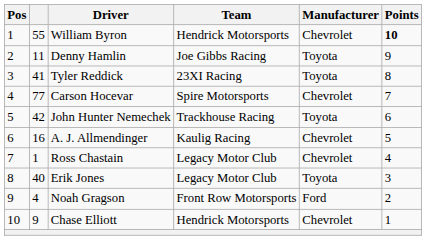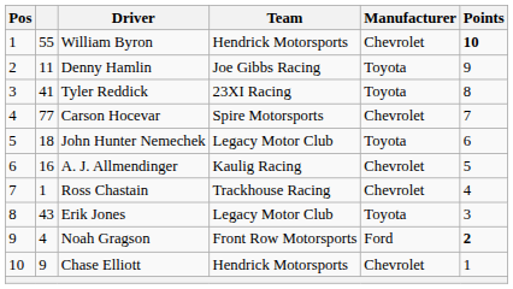 <table class="wikitable" style="font-size:98%">
 <tr>
 <th>Pos</th>
 <th></th>
 <th>Driver</th>
 <th>Team</th>
 <th>Manufacturer</th>
 <th>Points</th>
 </tr>
 <tr>
 <td>1</td>
 <td>55</td>
 <td>William Byron</td>
 <td>Hendrick Motorsports</td>
 <td>Chevrolet</td>
 <td><strong>10</strong></td>
 </tr>
 <tr>
 <td>2</td>
 <td>11</td>
 <td>Denny Hamlin</td>
 <td>Joe Gibbs Racing</td>
 <td>Toyota</td>
 <td>9</td>
 </tr>
 <tr>
 <td>3</td>
 <td>41</td>
 <td>Tyler Reddick</td>
 <td>23XI Racing</td>
 <td>Toyota</td>
 <td>8</td>
 </tr>
 <tr>
 <td>4</td>
 <td>77</td>
 <td>Carson Hocevar</td>
 <td>Spire Motorsports</td>
 <td>Chevrolet</td>
 <td>7</td>
 </tr>
 <tr>
 <td>5</td>
-<td>42</td>
+<td>18</td>
 <td>John Hunter Nemechek</td>
-<td>Trackhouse Racing</td>
+<td>Legacy Motor Club</td>
 <td>Toyota</td>
 <td>6</td>
 </tr>
 <tr>
 <td>6</td>
 <td>16</td>
 <td>A. J. Allmendinger</td>
 <td>Kaulig Racing</td>
 <td>Chevrolet</td>
 <td>5</td>
 </tr>
 <tr>
 <td>7</td>
 <td>1</td>
 <td>Ross Chastain</td>
-<td>Legacy Motor Club</td>
+<td>Trackhouse Racing</td>
 <td>Chevrolet</td>
 <td>4</td>
 </tr>
 <tr>
 <td>8</td>
-<td>40</td>
+<td>43</td>
 <td>Erik Jones</td>
 <td>Legacy Motor Club</td>
 <td>Toyota</td>
 <td>3</td>
 </tr>
 <tr>
 <td>9</td>
 <td>4</td>
 <td>Noah Gragson</td>
 <td>Front Row Motorsports</td>
 <td>Ford</td>
-<td>2</td>
+<td><strong>2</strong></td>
 </tr>
 <tr>
 <td>10</td>
 <td>9</td>
 <td>Chase Elliott</td>
 <td>Hendrick Motorsports</td>
 <td>Chevrolet</td>
 <td>1</td>
 </tr>
 <tr>
 <th colspan="6"></th>
 </tr>
 </table>
